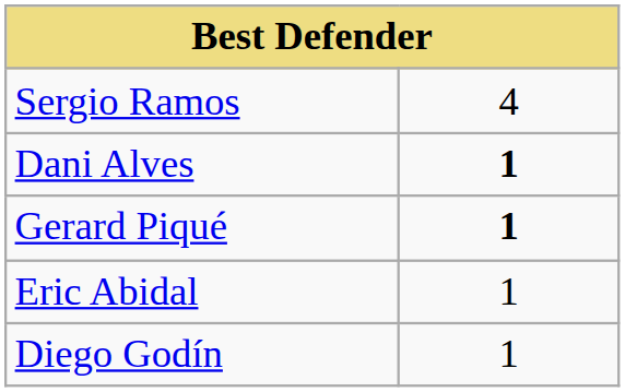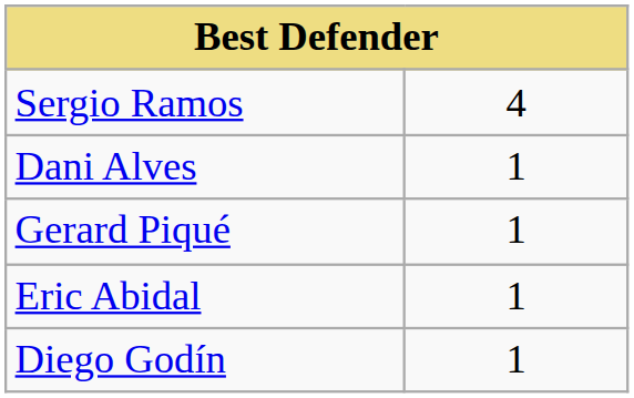 <table class="wikitable" align="center">
 <tr>
 <th style="background-color: #eedd82" colspan="2">Best Defender</th>
 </tr>
 <tr>
 <td width="150"> <a href='#'>Sergio Ramos</a></td>
 <td width="80" align="center">4</td>
 </tr>
 <tr>
 <td> <a href='#'>Dani Alves</a></td>
-<td align="center"><strong>1</strong></td>
+<td align="center">1</td>
 </tr>
 <tr>
 <td> <a href='#'>Gerard Piqué</a></td>
-<td align="center"><strong>1</strong></td>
+<td align="center">1</td>
 </tr>
 <tr>
 <td> <a href='#'>Eric Abidal</a></td>
 <td align="center">1</td>
 </tr>
 <tr>
 <td> <a href='#'>Diego Godín</a></td>
 <td align="center">1</td>
 </tr>
 </table>
